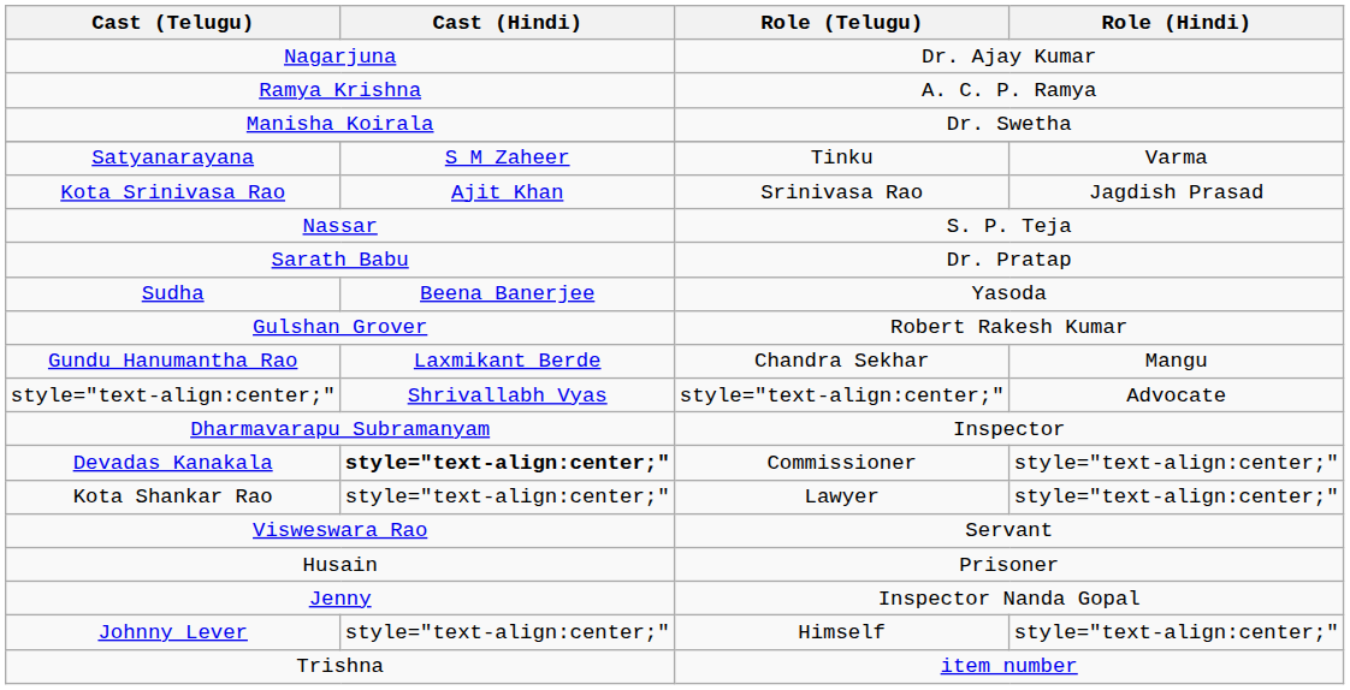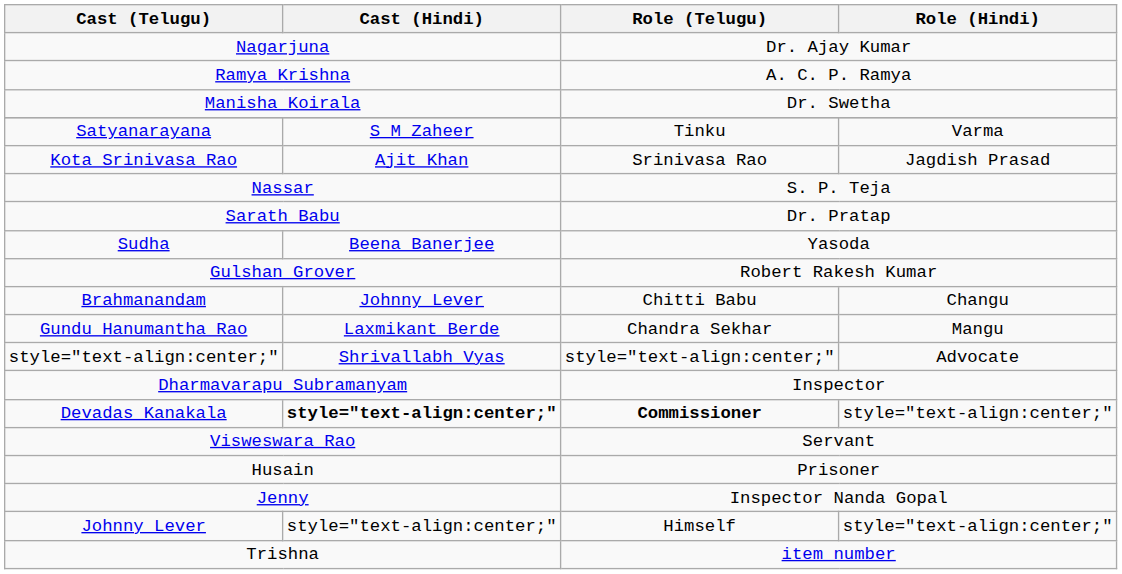 <table class="wikitable">
 <tr>
 <th>Cast (Telugu)</th>
 <th>Cast (Hindi)</th>
 <th>Role (Telugu)</th>
 <th>Role (Hindi)</th>
 </tr>
 <tr>
 <td colspan="2" style="text-align:center;"><a href='#'>Nagarjuna</a></td>
 <td colspan="2" style="text-align:center;">Dr. Ajay Kumar</td>
 </tr>
 <tr>
 <td colspan="2" style="text-align:center;"><a href='#'>Ramya Krishna</a></td>
 <td colspan="2" style="text-align:center;">A. C. P. Ramya</td>
 </tr>
 <tr>
 <td colspan="2" style="text-align:center;"><a href='#'>Manisha Koirala</a></td>
 <td colspan="2" style="text-align:center;">Dr. Swetha</td>
 </tr>
 <tr>
 </tr>
 <tr>
 <td style="text-align:center;"><a href='#'>Satyanarayana</a></td>
 <td style="text-align:center;"><a href='#'>S M Zaheer</a></td>
 <td style="text-align:center;">Tinku</td>
 <td style="text-align:center;">Varma</td>
 </tr>
 <tr>
 <td style="text-align:center;"><a href='#'>Kota Srinivasa Rao</a></td>
 <td style="text-align:center;"><a href='#'>Ajit Khan</a></td>
 <td style="text-align:center;">Srinivasa Rao</td>
 <td style="text-align:center;">Jagdish Prasad</td>
 </tr>
 <tr>
 <td colspan="2" style="text-align:center;"><a href='#'>Nassar</a></td>
 <td colspan="2" style="text-align:center;">S. P. Teja</td>
 </tr>
 <tr>
 <td colspan="2" style="text-align:center;"><a href='#'>Sarath Babu</a></td>
 <td colspan="2" style="text-align:center;">Dr. Pratap</td>
 </tr>
 <tr>
 <td style="text-align:center;"><a href='#'>Sudha</a></td>
 <td style="text-align:center;"><a href='#'>Beena Banerjee</a></td>
 <td colspan="2" style="text-align:center;">Yasoda</td>
 </tr>
 <tr>
 <td colspan="2" style="text-align:center;"><a href='#'>Gulshan Grover</a></td>
 <td colspan="2" style="text-align:center;">Robert Rakesh Kumar</td>
 </tr>
 <tr>
+<td style="text-align:center;"><a href='#'>Brahmanandam</a></td>
+<td style="text-align:center;"><a href='#'>Johnny Lever</a></td>
+<td style="text-align:center;">Chitti Babu</td>
+<td style="text-align:center;">Changu</td>
+</tr>
+<tr>
 <td style="text-align:center;"><a href='#'>Gundu Hanumantha Rao</a></td>
 <td style="text-align:center;"><a href='#'>Laxmikant Berde</a></td>
 <td style="text-align:center;">Chandra Sekhar</td>
 <td style="text-align:center;">Mangu</td>
 </tr>
 <tr>
 <td>style="text-align:center;" </td>
 <td style="text-align:center;"><a href='#'>Shrivallabh Vyas</a></td>
 <td>style="text-align:center;" </td>
 <td style="text-align:center;">Advocate</td>
 </tr>
 <tr>
 <td colspan="2" style="text-align:center;"><a href='#'>Dharmavarapu Subramanyam</a></td>
 <td colspan="2" style="text-align:center;">Inspector</td>
 </tr>
 <tr>
 <td style="text-align:center;"><a href='#'>Devadas Kanakala</a></td>
 <td><strong>style="text-align:center;" </strong></td>
-<td style="text-align:center;">Commissioner</td>
-<td>style="text-align:center;" </td>
-</tr>
-<tr>
-<td style="text-align:center;">Kota Shankar Rao</td>
-<td>style="text-align:center;" </td>
-<td style="text-align:center;">Lawyer</td>
+<td style="text-align:center;"><strong>Commissioner</strong></td>
 <td>style="text-align:center;" </td>
 </tr>
 <tr>
 <td colspan="2" style="text-align:center;"><a href='#'>Visweswara Rao</a></td>
 <td colspan="2" style="text-align:center;">Servant</td>
 </tr>
 <tr>
 <td colspan="2" style="text-align:center;">Husain</td>
 <td colspan="2" style="text-align:center;">Prisoner</td>
 </tr>
 <tr>
 <td colspan="2" style="text-align:center;"><a href='#'>Jenny</a></td>
 <td colspan="2" style="text-align:center;">Inspector Nanda Gopal</td>
 </tr>
 <tr>
 <td style="text-align:center;"><a href='#'>Johnny Lever</a></td>
 <td>style="text-align:center;" </td>
 <td style="text-align:center;">Himself</td>
 <td>style="text-align:center;" </td>
 </tr>
 <tr>
 <td colspan="2" style="text-align:center;">Trishna</td>
 <td colspan="2" style="text-align:center;"><a href='#'>item number</a></td>
 </tr>
 </table>
